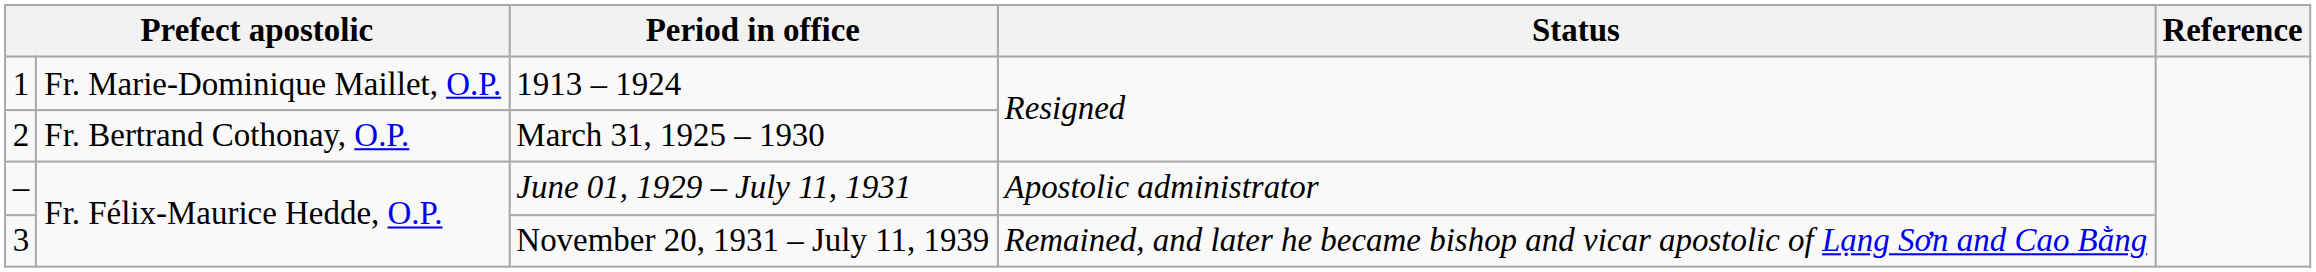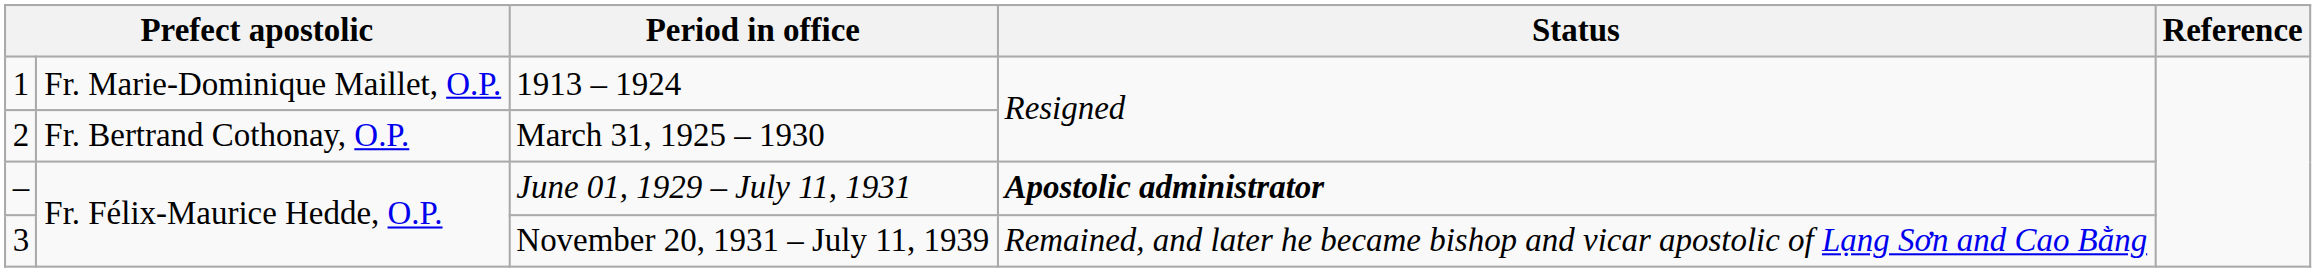 <table class="wikitable">
 <tr>
 <th colspan="2">Prefect apostolic</th>
 <th>Period in office</th>
 <th>Status</th>
 <th>Reference</th>
 </tr>
 <tr>
 <td>1</td>
 <td>Fr. Marie-Dominique Maillet, <a href='#'>O.P.</a></td>
 <td>1913 – 1924</td>
 <td rowspan=2><em>Resigned</em></td>
 <td rowspan=4></td>
 </tr>
 <tr>
 <td>2</td>
 <td>Fr. Bertrand Cothonay, <a href='#'>O.P.</a></td>
 <td>March 31, 1925 – 1930</td>
 </tr>
 <tr>
 <td>–</td>
 <td rowspan=2>Fr. Félix-Maurice Hedde, <a href='#'>O.P.</a></td>
 <td><em>June 01, 1929 – July 11, 1931</em></td>
-<td><em>Apostolic administrator</em></td>
+<td><strong><em>Apostolic administrator</em></strong></td>
 </tr>
 <tr>
 <td>3</td>
 <td>November 20, 1931 – July 11, 1939</td>
 <td><em>Remained, and later he became bishop and vicar apostolic of <a href='#'>Lạng Sơn and Cao Bằng</a></em></td>
 </tr>
 </table>
